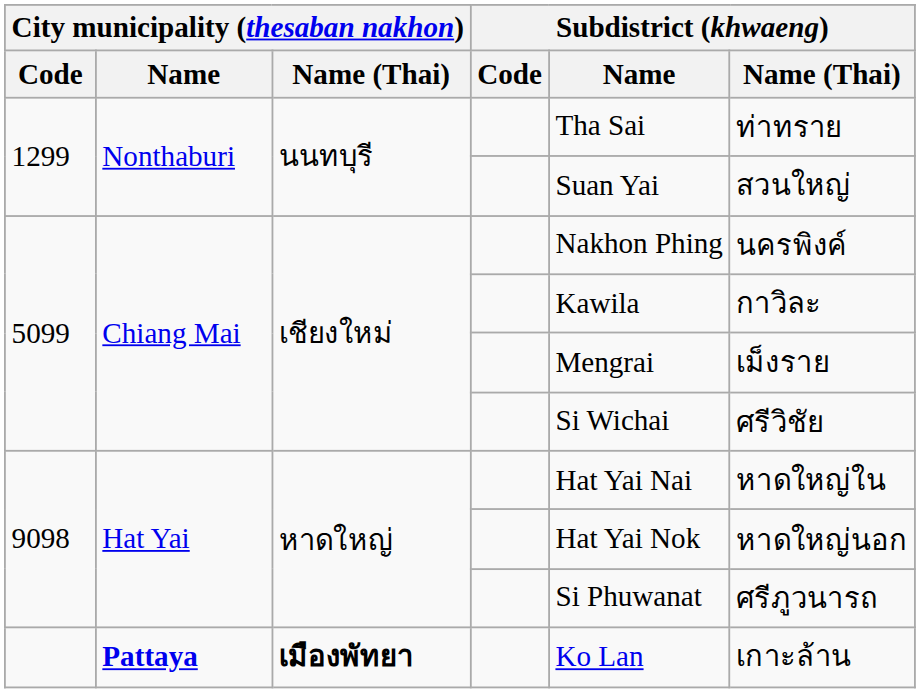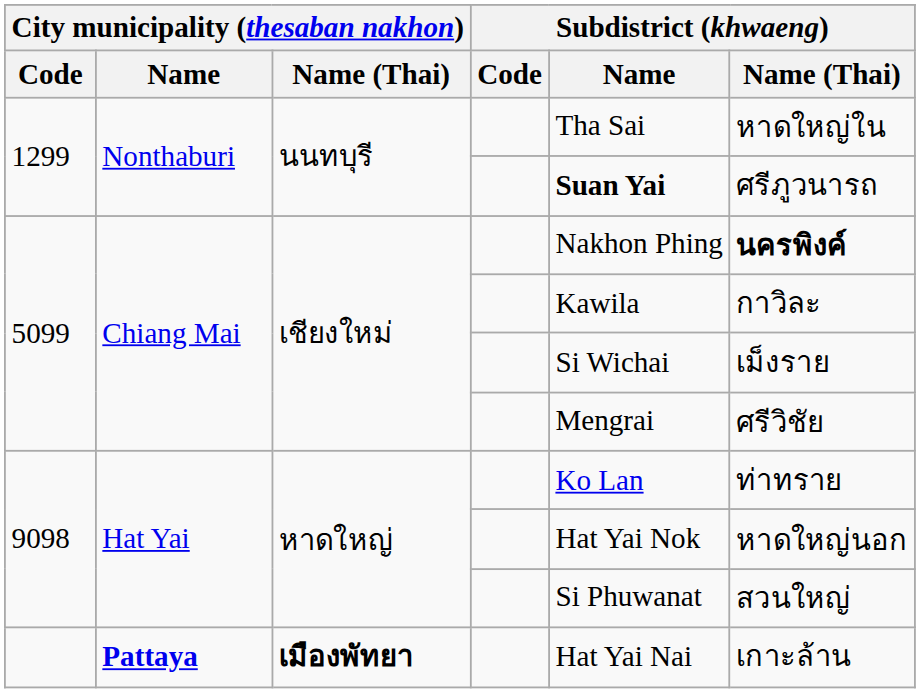 <table class="wikitable">
 <tr>
 <th colspan="3">City municipality (<em><a href='#'>thesaban nakhon</a></em>)</th>
 <th colspan="3">Subdistrict (<em>khwaeng</em>)</th>
 </tr>
 <tr>
 <th>Code</th>
 <th>Name</th>
 <th>Name (Thai)</th>
 <th>Code</th>
 <th>Name</th>
 <th>Name (Thai)</th>
 </tr>
 <tr>
 <td rowspan="2">1299</td>
 <td rowspan="2"><a href='#'>Nonthaburi</a></td>
 <td rowspan="2">นนทบุรี</td>
 <td></td>
 <td>Tha Sai</td>
-<td>ท่าทราย</td>
+<td>หาดใหญ่ใน</td>
 </tr>
 <tr>
 <td></td>
-<td>Suan Yai</td>
-<td>สวนใหญ่</td>
+<td><strong>Suan Yai</strong></td>
+<td>ศรีภูวนารถ</td>
 </tr>
 <tr>
 <td rowspan="4">5099</td>
 <td rowspan="4"><a href='#'>Chiang Mai</a></td>
 <td rowspan="4">เชียงใหม่</td>
 <td></td>
 <td>Nakhon Phing</td>
-<td>นครพิงค์</td>
+<td><strong>นครพิงค์</strong></td>
 </tr>
 <tr>
 <td></td>
 <td>Kawila</td>
 <td>กาวิละ</td>
 </tr>
 <tr>
 <td></td>
-<td>Mengrai</td>
+<td>Si Wichai</td>
 <td>เม็งราย</td>
 </tr>
 <tr>
 <td></td>
-<td>Si Wichai</td>
+<td>Mengrai</td>
 <td>ศรีวิชัย</td>
 </tr>
 <tr>
 <td rowspan="3">9098</td>
 <td rowspan="3"><a href='#'>Hat Yai</a></td>
 <td rowspan="3">หาดใหญ่</td>
 <td></td>
-<td>Hat Yai Nai</td>
-<td>หาดใหญ่ใน</td>
+<td><a href='#'>Ko Lan</a></td>
+<td>ท่าทราย</td>
 </tr>
 <tr>
 <td></td>
 <td>Hat Yai Nok</td>
 <td>หาดใหญ่นอก</td>
 </tr>
 <tr>
 <td></td>
 <td>Si Phuwanat</td>
-<td>ศรีภูวนารถ</td>
+<td>สวนใหญ่</td>
 </tr>
 <tr>
 <td></td>
 <td><strong><a href='#'>Pattaya</a></strong></td>
 <td><strong>เมืองพัทยา</strong></td>
 <td></td>
-<td><a href='#'>Ko Lan</a></td>
+<td>Hat Yai Nai</td>
 <td>เกาะล้าน</td>
 </tr>
 </table>
